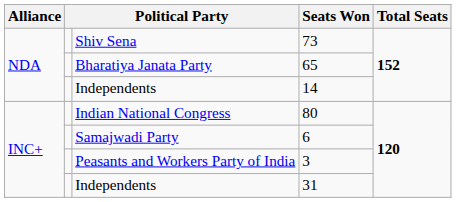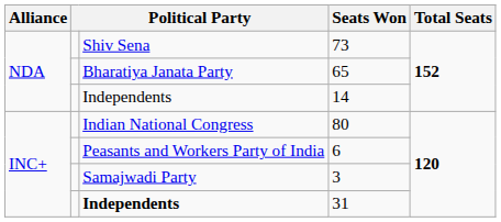 <table class="wikitable">
 <tr>
 <th>Alliance</th>
 <th colspan="2">Political Party</th>
 <th>Seats Won</th>
 <th>Total Seats</th>
 </tr>
 <tr>
 <td rowspan="3"><a href='#'>NDA</a></td>
 <td style="background-color: "></td>
 <td><a href='#'>Shiv Sena</a></td>
 <td>73</td>
 <td rowspan="3"><strong>152</strong></td>
 </tr>
 <tr>
 <td style="background-color: "></td>
 <td><a href='#'>Bharatiya Janata Party</a></td>
 <td>65</td>
 </tr>
 <tr>
 <td style="background-color: "></td>
 <td>Independents</td>
 <td>14</td>
 </tr>
 <tr>
 <td rowspan="4"><a href='#'>INC+</a></td>
 <td style="background-color: "></td>
 <td><a href='#'>Indian National Congress</a></td>
 <td>80</td>
 <td rowspan="4"><strong>120</strong></td>
 </tr>
 <tr>
 <td style="background-color: "></td>
-<td><a href='#'>Samajwadi Party</a></td>
+<td><a href='#'>Peasants and Workers Party of India</a></td>
 <td>6</td>
 </tr>
 <tr>
 <td style="background-color: "></td>
-<td><a href='#'>Peasants and Workers Party of India</a></td>
+<td><a href='#'>Samajwadi Party</a></td>
 <td>3</td>
 </tr>
 <tr>
 <td style="background-color: "></td>
-<td>Independents</td>
+<td><strong>Independents</strong></td>
 <td>31</td>
 </tr>
 </table>
